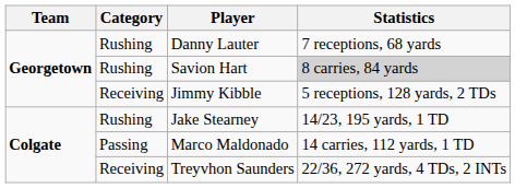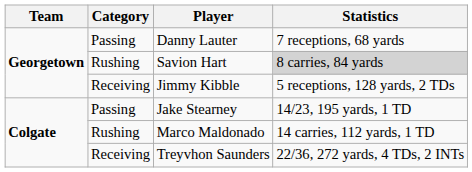 <table class="wikitable" style="float: right;">
 <tr>
 <th>Team</th>
 <th>Category</th>
 <th>Player</th>
 <th>Statistics</th>
 </tr>
 <tr>
 <td rowspan=3><strong>Georgetown</strong></td>
-<td>Rushing</td>
+<td>Passing</td>
 <td>Danny Lauter</td>
 <td>7 receptions, 68 yards</td>
 </tr>
 <tr>
 <td>Rushing</td>
 <td>Savion Hart</td>
 <td style="background: lightgrey;">8 carries, 84 yards</td>
 </tr>
 <tr>
 <td>Receiving</td>
 <td>Jimmy Kibble</td>
 <td>5 receptions, 128 yards, 2 TDs</td>
 </tr>
 <tr>
 <td rowspan=3><strong>Colgate</strong></td>
-<td>Rushing</td>
+<td>Passing</td>
 <td>Jake Stearney</td>
 <td>14/23, 195 yards, 1 TD</td>
 </tr>
 <tr>
-<td>Passing</td>
+<td>Rushing</td>
 <td>Marco Maldonado</td>
 <td>14 carries, 112 yards, 1 TD</td>
 </tr>
 <tr>
 <td>Receiving</td>
 <td>Treyvhon Saunders</td>
 <td>22/36, 272 yards, 4 TDs, 2 INTs</td>
 </tr>
 </table>
